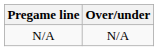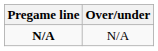 <table class="wikitable">
 <tr align="center">
 <th style=>Pregame line</th>
 <th style=>Over/under</th>
 </tr>
 <tr align="center">
-<td>N/A</td>
+<td><strong>N/A</strong></td>
 <td>N/A</td>
 </tr>
 </table>
